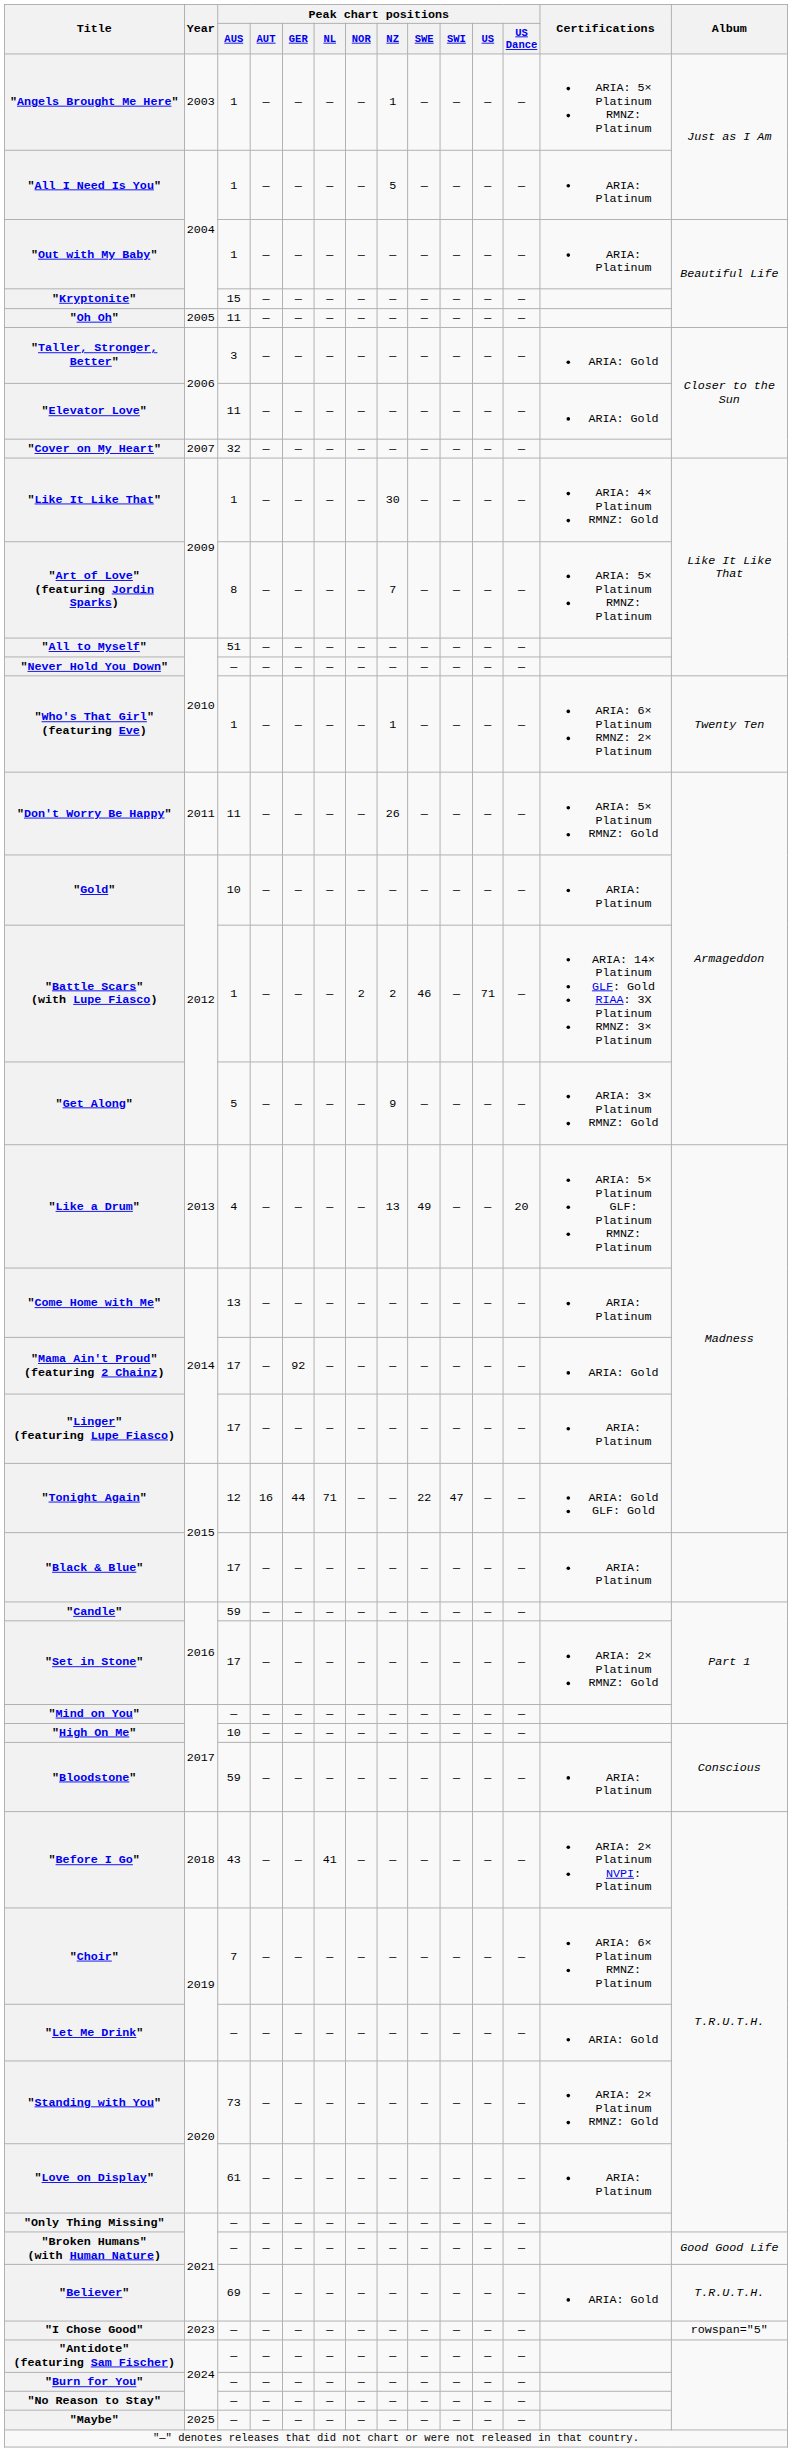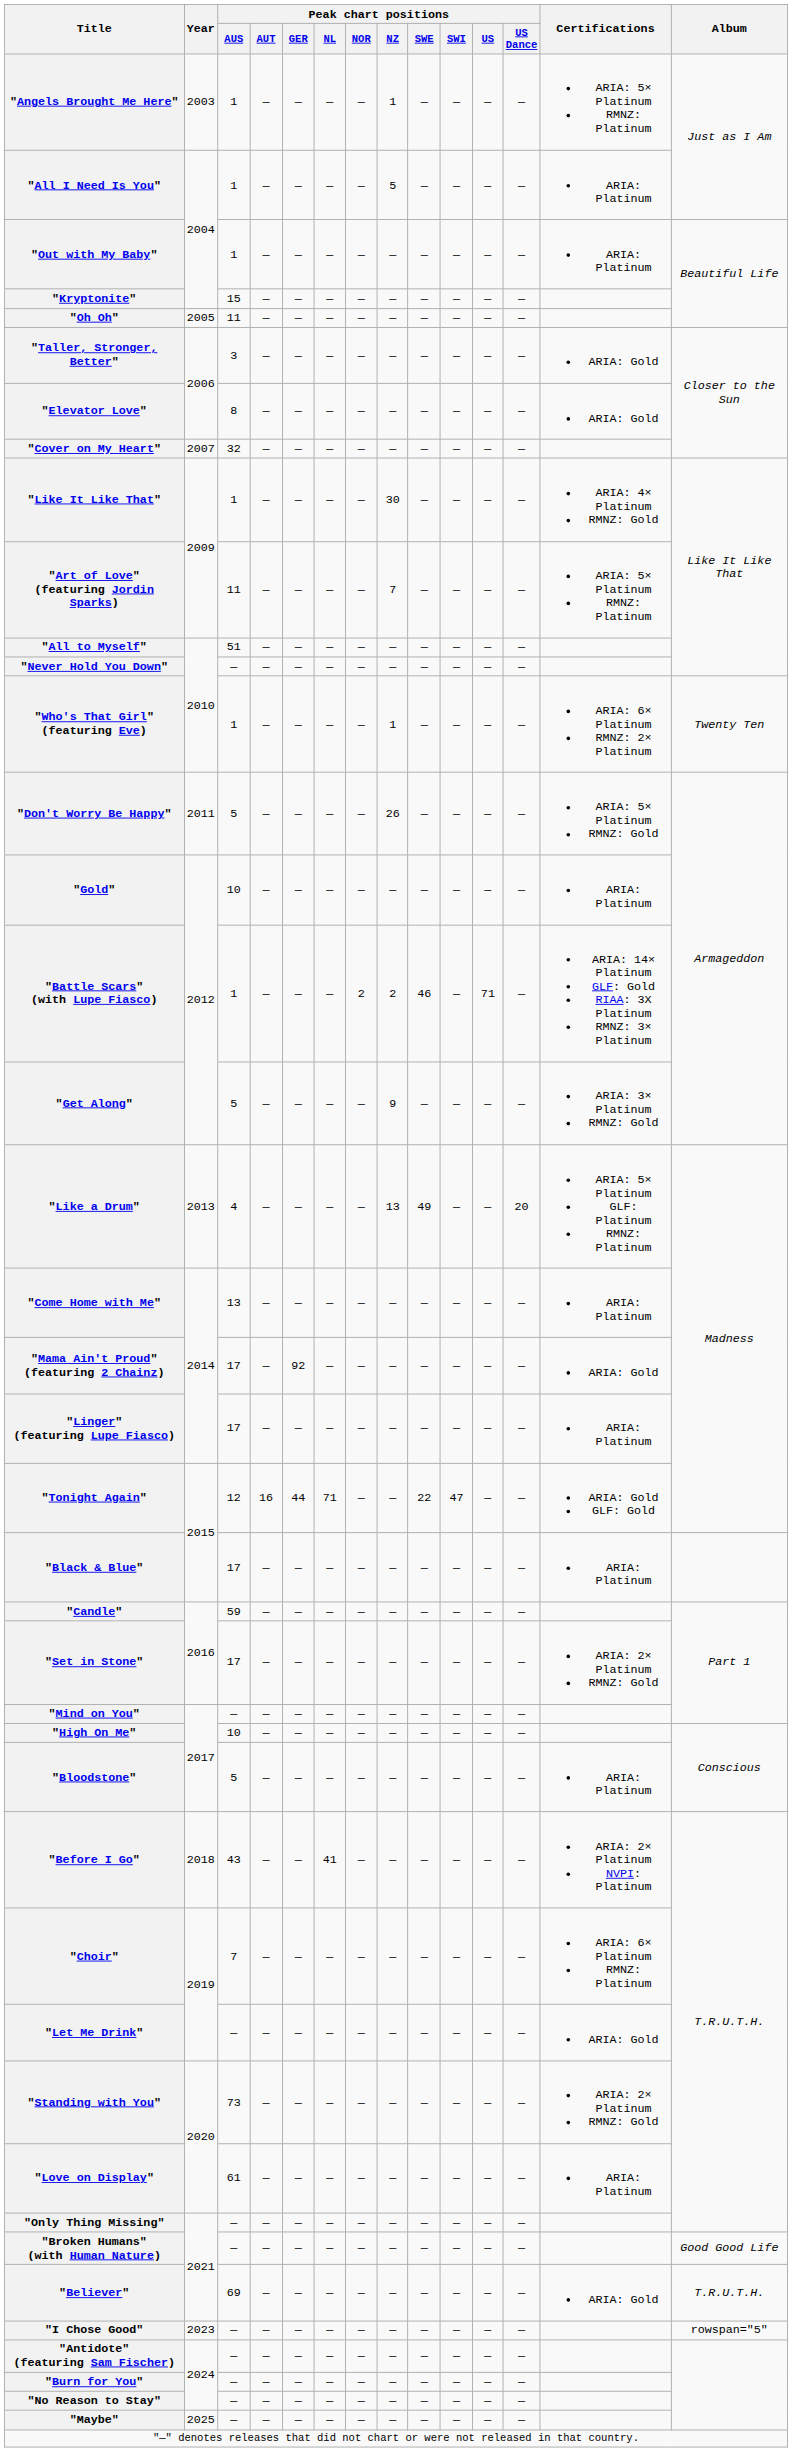 <table class="wikitable plainrowheaders" style="text-align:center;" border="1">
 <tr>
 <th scope="col" rowspan="2" style="width:19em;">Title</th>
 <th scope="col" rowspan="2" style="width:1em;">Year</th>
 <th scope="col" colspan="10">Peak chart positions</th>
 <th scope="col" rowspan="2" style="width:12em;">Certifications</th>
 <th scope="col" rowspan="2" style="width:11em;">Album</th>
 </tr>
 <tr>
 <th scope="col" style="width:3em;font-size:90%;"><a href='#'>AUS</a><br></th>
 <th scope="col" style="width:3em;font-size:90%;"><a href='#'>AUT</a><br></th>
 <th scope="col" style="width:3em;font-size:90%;"><a href='#'>GER</a><br></th>
 <th scope="col" style="width:3em;font-size:90%;"><a href='#'>NL</a><br></th>
 <th scope="col" style="width:3em;font-size:90%;"><a href='#'>NOR</a><br></th>
 <th scope="col" style="width:3em;font-size:90%;"><a href='#'>NZ</a><br></th>
 <th scope="col" style="width:3em;font-size:90%;"><a href='#'>SWE</a><br></th>
 <th scope="col" style="width:3em;font-size:90%;"><a href='#'>SWI</a><br></th>
 <th scope="col" style="width:3em;font-size:90%;"><a href='#'>US</a><br></th>
 <th scope="col" style="width:3em;font-size:90%;"><a href='#'>US Dance</a><br></th>
 </tr>
 <tr>
 <th scope="row">"<a href='#'>Angels Brought Me Here</a>"</th>
 <td>2003</td>
 <td>1</td>
 <td>—</td>
 <td>—</td>
 <td>—</td>
 <td>—</td>
 <td>1</td>
 <td>—</td>
 <td>—</td>
 <td>—</td>
 <td>—</td>
 <td><br><ul><li>ARIA: 5× Platinum</li><li>RMNZ: Platinum</li></ul></td>
 <td rowspan="2"><em>Just as I Am</em></td>
 </tr>
 <tr>
 <th scope="row">"<a href='#'>All I Need Is You</a>"</th>
 <td rowspan="3">2004</td>
 <td>1</td>
 <td>—</td>
 <td>—</td>
 <td>—</td>
 <td>—</td>
 <td>5</td>
 <td>—</td>
 <td>—</td>
 <td>—</td>
 <td>—</td>
 <td><br><ul><li>ARIA: Platinum</li></ul></td>
 </tr>
 <tr>
 <th scope="row">"<a href='#'>Out with My Baby</a>"</th>
 <td>1</td>
 <td>—</td>
 <td>—</td>
 <td>—</td>
 <td>—</td>
 <td>—</td>
 <td>—</td>
 <td>—</td>
 <td>—</td>
 <td>—</td>
 <td><br><ul><li>ARIA: Platinum</li></ul></td>
 <td rowspan="3"><em>Beautiful Life</em></td>
 </tr>
 <tr>
 <th scope="row">"<a href='#'>Kryptonite</a>"</th>
 <td>15</td>
 <td>—</td>
 <td>—</td>
 <td>—</td>
 <td>—</td>
 <td>—</td>
 <td>—</td>
 <td>—</td>
 <td>—</td>
 <td>—</td>
 <td></td>
 </tr>
 <tr>
 <th scope="row">"<a href='#'>Oh Oh</a>"</th>
 <td>2005</td>
 <td>11</td>
 <td>—</td>
 <td>—</td>
 <td>—</td>
 <td>—</td>
 <td>—</td>
 <td>—</td>
 <td>—</td>
 <td>—</td>
 <td>—</td>
 <td></td>
 </tr>
 <tr>
 <th scope="row">"<a href='#'>Taller, Stronger, Better</a>"</th>
 <td rowspan="2">2006</td>
 <td>3</td>
 <td>—</td>
 <td>—</td>
 <td>—</td>
 <td>—</td>
 <td>—</td>
 <td>—</td>
 <td>—</td>
 <td>—</td>
 <td>—</td>
 <td><br><ul><li>ARIA: Gold</li></ul></td>
 <td rowspan="3"><em>Closer to the Sun</em></td>
 </tr>
 <tr>
 <th scope="row">"<a href='#'>Elevator Love</a>"</th>
-<td>11</td>
+<td>8</td>
 <td>—</td>
 <td>—</td>
 <td>—</td>
 <td>—</td>
 <td>—</td>
 <td>—</td>
 <td>—</td>
 <td>—</td>
 <td>—</td>
 <td><br><ul><li>ARIA: Gold</li></ul></td>
 </tr>
 <tr>
 <th scope="row">"<a href='#'>Cover on My Heart</a>"</th>
 <td>2007</td>
 <td>32</td>
 <td>—</td>
 <td>—</td>
 <td>—</td>
 <td>—</td>
 <td>—</td>
 <td>—</td>
 <td>—</td>
 <td>—</td>
 <td>—</td>
 <td></td>
 </tr>
 <tr>
 <th scope="row">"<a href='#'>Like It Like That</a>"</th>
 <td rowspan="2">2009</td>
 <td>1</td>
 <td>—</td>
 <td>—</td>
 <td>—</td>
 <td>—</td>
 <td>30</td>
 <td>—</td>
 <td>—</td>
 <td>—</td>
 <td>—</td>
 <td><br><ul><li>ARIA: 4× Platinum</li><li>RMNZ: Gold</li></ul></td>
 <td rowspan="4"><em>Like It Like That</em></td>
 </tr>
 <tr>
 <th scope="row">"<a href='#'>Art of Love</a>"<br><span>(featuring <a href='#'>Jordin Sparks</a>)</span></th>
-<td>8</td>
+<td>11</td>
 <td>—</td>
 <td>—</td>
 <td>—</td>
 <td>—</td>
 <td>7</td>
 <td>—</td>
 <td>—</td>
 <td>—</td>
 <td>—</td>
 <td><br><ul><li>ARIA: 5× Platinum</li><li>RMNZ: Platinum</li></ul></td>
 </tr>
 <tr>
 <th scope="row">"<a href='#'>All to Myself</a>"</th>
 <td rowspan="3">2010</td>
 <td>51</td>
 <td>—</td>
 <td>—</td>
 <td>—</td>
 <td>—</td>
 <td>—</td>
 <td>—</td>
 <td>—</td>
 <td>—</td>
 <td>—</td>
 <td></td>
 </tr>
 <tr>
 <th scope="row">"<a href='#'>Never Hold You Down</a>"</th>
 <td>—</td>
 <td>—</td>
 <td>—</td>
 <td>—</td>
 <td>—</td>
 <td>—</td>
 <td>—</td>
 <td>—</td>
 <td>—</td>
 <td>—</td>
 <td></td>
 </tr>
 <tr>
 <th scope="row">"<a href='#'>Who's That Girl</a>"<br><span>(featuring <a href='#'>Eve</a>)</span></th>
 <td>1</td>
 <td>—</td>
 <td>—</td>
 <td>—</td>
 <td>—</td>
 <td>1</td>
 <td>—</td>
 <td>—</td>
 <td>—</td>
 <td>—</td>
 <td><br><ul><li>ARIA: 6× Platinum</li><li>RMNZ: 2× Platinum</li></ul></td>
 <td><em>Twenty Ten</em></td>
 </tr>
 <tr>
 <th scope="row">"<a href='#'>Don't Worry Be Happy</a>"</th>
 <td>2011</td>
-<td>11</td>
+<td>5</td>
 <td>—</td>
 <td>—</td>
 <td>—</td>
 <td>—</td>
 <td>26</td>
 <td>—</td>
 <td>—</td>
 <td>—</td>
 <td>—</td>
 <td><br><ul><li>ARIA: 5× Platinum</li><li>RMNZ: Gold</li></ul></td>
 <td rowspan="4"><em>Armageddon</em></td>
 </tr>
 <tr>
 <th scope="row">"<a href='#'>Gold</a>"</th>
 <td rowspan="3">2012</td>
 <td>10</td>
 <td>—</td>
 <td>—</td>
 <td>—</td>
 <td>—</td>
 <td>—</td>
 <td>—</td>
 <td>—</td>
 <td>—</td>
 <td>—</td>
 <td><br><ul><li>ARIA: Platinum</li></ul></td>
 </tr>
 <tr>
 <th scope="row">"<a href='#'>Battle Scars</a>"<br><span>(with <a href='#'>Lupe Fiasco</a>)</span></th>
 <td>1</td>
 <td>—</td>
 <td>—</td>
 <td>—</td>
 <td>2</td>
 <td>2</td>
 <td>46</td>
 <td>—</td>
 <td>71</td>
 <td>—</td>
 <td><br><ul><li>ARIA: 14× Platinum</li><li><a href='#'>GLF</a>: Gold</li><li><a href='#'>RIAA</a>: 3X Platinum</li><li>RMNZ: 3× Platinum</li></ul></td>
 </tr>
 <tr>
 <th scope="row">"<a href='#'>Get Along</a>"</th>
 <td>5</td>
 <td>—</td>
 <td>—</td>
 <td>—</td>
 <td>—</td>
 <td>9</td>
 <td>—</td>
 <td>—</td>
 <td>—</td>
 <td>—</td>
 <td><br><ul><li>ARIA: 3× Platinum</li><li>RMNZ: Gold</li></ul></td>
 </tr>
 <tr>
 <th scope="row">"<a href='#'>Like a Drum</a>"</th>
 <td>2013</td>
 <td>4</td>
 <td>—</td>
 <td>—</td>
 <td>—</td>
 <td>—</td>
 <td>13</td>
 <td>49</td>
 <td>—</td>
 <td>—</td>
 <td>20</td>
 <td><br><ul><li>ARIA: 5× Platinum</li><li>GLF: Platinum</li><li>RMNZ: Platinum</li></ul></td>
 <td rowspan="5"><em>Madness</em></td>
 </tr>
 <tr>
 <th scope="row">"<a href='#'>Come Home with Me</a>"</th>
 <td rowspan="3">2014</td>
 <td>13</td>
 <td>—</td>
 <td>—</td>
 <td>—</td>
 <td>—</td>
 <td>—</td>
 <td>—</td>
 <td>—</td>
 <td>—</td>
 <td>—</td>
 <td><br><ul><li>ARIA: Platinum</li></ul></td>
 </tr>
 <tr>
 <th scope="row">"<a href='#'>Mama Ain't Proud</a>"<br><span>(featuring <a href='#'>2 Chainz</a>)</span></th>
 <td>17</td>
 <td>—</td>
 <td>92</td>
 <td>—</td>
 <td>—</td>
 <td>—</td>
 <td>—</td>
 <td>—</td>
 <td>—</td>
 <td>—</td>
 <td><br><ul><li>ARIA: Gold</li></ul></td>
 </tr>
 <tr>
 <th scope="row">"<a href='#'>Linger</a>"<br><span>(featuring <a href='#'>Lupe Fiasco</a>)</span></th>
 <td>17</td>
 <td>—</td>
 <td>—</td>
 <td>—</td>
 <td>—</td>
 <td>—</td>
 <td>—</td>
 <td>—</td>
 <td>—</td>
 <td>—</td>
 <td><br><ul><li>ARIA: Platinum</li></ul></td>
 </tr>
 <tr>
 <th scope="row">"<a href='#'>Tonight Again</a>"</th>
 <td rowspan="2">2015</td>
 <td>12</td>
 <td>16</td>
 <td>44</td>
 <td>71</td>
 <td>—</td>
 <td>—</td>
 <td>22</td>
 <td>47</td>
 <td>—</td>
 <td>—</td>
 <td><br><ul><li>ARIA: Gold</li><li>GLF: Gold</li></ul></td>
 </tr>
 <tr>
 <th scope="row">"<a href='#'>Black & Blue</a>"</th>
 <td>17</td>
 <td>—</td>
 <td>—</td>
 <td>—</td>
 <td>—</td>
 <td>—</td>
 <td>—</td>
 <td>—</td>
 <td>—</td>
 <td>—</td>
 <td><br><ul><li>ARIA: Platinum</li></ul></td>
 <td></td>
 </tr>
 <tr>
 <th scope="row">"<a href='#'>Candle</a>"</th>
 <td rowspan="2">2016</td>
 <td>59</td>
 <td>—</td>
 <td>—</td>
 <td>—</td>
 <td>—</td>
 <td>—</td>
 <td>—</td>
 <td>—</td>
 <td>—</td>
 <td>—</td>
 <td></td>
 <td rowspan="3"><em>Part 1</em></td>
 </tr>
 <tr>
 <th scope="row">"<a href='#'>Set in Stone</a>"</th>
 <td>17</td>
 <td>—</td>
 <td>—</td>
 <td>—</td>
 <td>—</td>
 <td>—</td>
 <td>—</td>
 <td>—</td>
 <td>—</td>
 <td>—</td>
 <td><br><ul><li>ARIA: 2× Platinum</li><li>RMNZ: Gold</li></ul></td>
 </tr>
 <tr>
 <th scope="row">"<a href='#'>Mind on You</a>"</th>
 <td rowspan="3">2017</td>
 <td>—</td>
 <td>—</td>
 <td>—</td>
 <td>—</td>
 <td>—</td>
 <td>—</td>
 <td>—</td>
 <td>—</td>
 <td>—</td>
 <td>—</td>
 <td></td>
 </tr>
 <tr>
 <th scope="row">"<a href='#'>High On Me</a>"</th>
 <td>10</td>
 <td>—</td>
 <td>—</td>
 <td>—</td>
 <td>—</td>
 <td>—</td>
 <td>—</td>
 <td>—</td>
 <td>—</td>
 <td>—</td>
 <td></td>
 <td rowspan="2"><em>Conscious</em></td>
 </tr>
 <tr>
 <th scope="row">"<a href='#'>Bloodstone</a>"</th>
-<td>59</td>
+<td>5</td>
 <td>—</td>
 <td>—</td>
 <td>—</td>
 <td>—</td>
 <td>—</td>
 <td>—</td>
 <td>—</td>
 <td>—</td>
 <td>—</td>
 <td><br><ul><li>ARIA: Platinum</li></ul></td>
 </tr>
 <tr>
 <th scope="row">"<a href='#'>Before I Go</a>"</th>
 <td>2018</td>
 <td>43</td>
 <td>—</td>
 <td>—</td>
 <td>41</td>
 <td>—</td>
 <td>—</td>
 <td>—</td>
 <td>—</td>
 <td>—</td>
 <td>—</td>
 <td><br><ul><li>ARIA: 2× Platinum</li><li><a href='#'>NVPI</a>: Platinum</li></ul></td>
 <td rowspan="6"><em>T.R.U.T.H.</em></td>
 </tr>
 <tr>
 <th scope="row">"<a href='#'>Choir</a>"</th>
 <td rowspan="2">2019</td>
 <td>7</td>
 <td>—</td>
 <td>—</td>
 <td>—</td>
 <td>—</td>
 <td>—</td>
 <td>—</td>
 <td>—</td>
 <td>—</td>
 <td>—</td>
 <td><br><ul><li>ARIA: 6× Platinum</li><li>RMNZ: Platinum</li></ul></td>
 </tr>
 <tr>
 <th scope="row">"<a href='#'>Let Me Drink</a>"<br></th>
 <td>—</td>
 <td>—</td>
 <td>—</td>
 <td>—</td>
 <td>—</td>
 <td>—</td>
 <td>—</td>
 <td>—</td>
 <td>—</td>
 <td>—</td>
 <td><br><ul><li>ARIA: Gold</li></ul></td>
 </tr>
 <tr>
 <th scope="row">"<a href='#'>Standing with You</a>"</th>
 <td rowspan="2">2020</td>
 <td>73</td>
 <td>—</td>
 <td>—</td>
 <td>—</td>
 <td>—</td>
 <td>—</td>
 <td>—</td>
 <td>—</td>
 <td>—</td>
 <td>—</td>
 <td><br><ul><li>ARIA: 2× Platinum</li><li>RMNZ: Gold</li></ul></td>
 </tr>
 <tr>
 <th scope="row">"<a href='#'>Love on Display</a>"</th>
 <td>61</td>
 <td>—</td>
 <td>—</td>
 <td>—</td>
 <td>—</td>
 <td>—</td>
 <td>—</td>
 <td>—</td>
 <td>—</td>
 <td>—</td>
 <td><br><ul><li>ARIA: Platinum</li></ul></td>
 </tr>
 <tr>
 <th scope="row">"Only Thing Missing"</th>
 <td rowspan="3">2021</td>
 <td>—</td>
 <td>—</td>
 <td>—</td>
 <td>—</td>
 <td>—</td>
 <td>—</td>
 <td>—</td>
 <td>—</td>
 <td>—</td>
 <td>—</td>
 <td></td>
 </tr>
 <tr>
 <th scope="row">"Broken Humans"<br><span>(with <a href='#'>Human Nature</a>)</span></th>
 <td>—</td>
 <td>—</td>
 <td>—</td>
 <td>—</td>
 <td>—</td>
 <td>—</td>
 <td>—</td>
 <td>—</td>
 <td>—</td>
 <td>—</td>
 <td></td>
 <td><em>Good Good Life</em></td>
 </tr>
 <tr>
 <th scope="row">"<a href='#'>Believer</a>"</th>
 <td>69</td>
 <td>—</td>
 <td>—</td>
 <td>—</td>
 <td>—</td>
 <td>—</td>
 <td>—</td>
 <td>—</td>
 <td>—</td>
 <td>—</td>
 <td><br><ul><li>ARIA: Gold</li></ul></td>
 <td><em>T.R.U.T.H.</em></td>
 </tr>
 <tr>
 <th scope="row">"I Chose Good"</th>
 <td rowspan="1">2023</td>
 <td>—</td>
 <td>—</td>
 <td>—</td>
 <td>—</td>
 <td>—</td>
 <td>—</td>
 <td>—</td>
 <td>—</td>
 <td>—</td>
 <td>—</td>
 <td></td>
 <td>rowspan="5" </td>
 </tr>
 <tr>
 <th scope="row">"Antidote"<br><span>(featuring <a href='#'>Sam Fischer</a>)</span></th>
 <td rowspan="3">2024</td>
 <td>—</td>
 <td>—</td>
 <td>—</td>
 <td>—</td>
 <td>—</td>
 <td>—</td>
 <td>—</td>
 <td>—</td>
 <td>—</td>
 <td>—</td>
 <td></td>
 </tr>
 <tr>
 <th scope="row">"<a href='#'>Burn for You</a>"</th>
 <td>—</td>
 <td>—</td>
 <td>—</td>
 <td>—</td>
 <td>—</td>
 <td>—</td>
 <td>—</td>
 <td>—</td>
 <td>—</td>
 <td>—</td>
 <td></td>
 </tr>
 <tr>
 <th scope="row">"No Reason to Stay"</th>
 <td>—</td>
 <td>—</td>
 <td>—</td>
 <td>—</td>
 <td>—</td>
 <td>—</td>
 <td>—</td>
 <td>—</td>
 <td>—</td>
 <td>—</td>
 <td></td>
 </tr>
 <tr>
 <th scope="row">"Maybe"</th>
 <td rowspan="1">2025</td>
 <td>—</td>
 <td>—</td>
 <td>—</td>
 <td>—</td>
 <td>—</td>
 <td>—</td>
 <td>—</td>
 <td>—</td>
 <td>—</td>
 <td>—</td>
 <td></td>
 </tr>
 <tr>
 <td colspan="14" style="font-size: 90%">"—" denotes releases that did not chart or were not released in that country.</td>
 </tr>
 </table>
